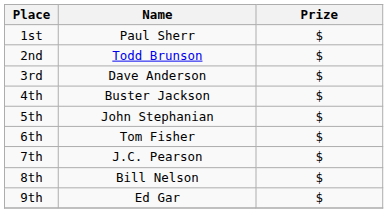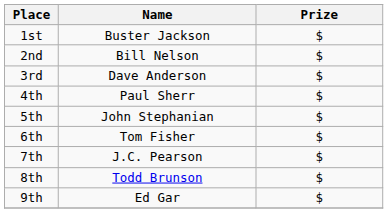 <table class="wikitable">
 <tr>
 <th width="50">Place</th>
 <th width="200">Name</th>
 <th width="125">Prize</th>
 </tr>
 <tr>
 <td align = "center">1st</td>
-<td align = "center">Paul Sherr</td>
+<td align = "center">Buster Jackson</td>
 <td align = "center">$</td>
 </tr>
 <tr>
 <td align = "center">2nd</td>
-<td align = "center"><a href='#'>Todd Brunson</a></td>
+<td align = "center">Bill Nelson</td>
 <td align = "center">$</td>
 </tr>
 <tr>
 <td align = "center">3rd</td>
 <td align = "center">Dave Anderson</td>
 <td align = "center">$</td>
 </tr>
 <tr>
 <td align = "center">4th</td>
-<td align = "center">Buster Jackson</td>
+<td align = "center">Paul Sherr</td>
 <td align = "center">$</td>
 </tr>
 <tr>
 <td align = "center">5th</td>
 <td align = "center">John Stephanian</td>
 <td align = "center">$</td>
 </tr>
 <tr>
 <td align = "center">6th</td>
 <td align = "center">Tom Fisher</td>
 <td align = "center">$</td>
 </tr>
 <tr>
 <td align = "center">7th</td>
 <td align = "center">J.C. Pearson</td>
 <td align = "center">$</td>
 </tr>
 <tr>
 <td align = "center">8th</td>
-<td align = "center">Bill Nelson</td>
+<td align = "center"><a href='#'>Todd Brunson</a></td>
 <td align = "center">$</td>
 </tr>
 <tr>
 <td align = "center">9th</td>
 <td align = "center">Ed Gar</td>
 <td align = "center">$</td>
 </tr>
 <tr>
 </tr>
 </table>
